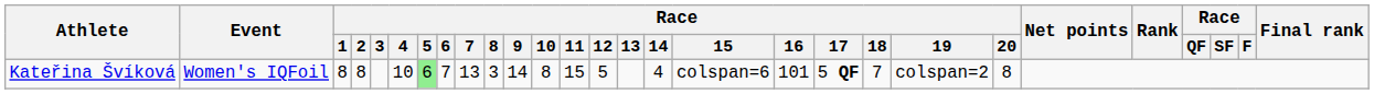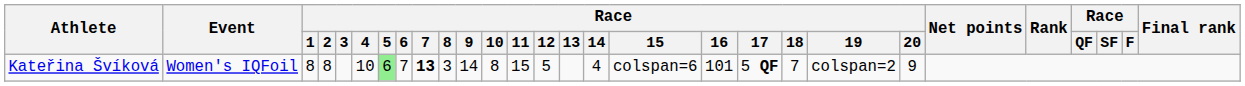 <table class="wikitable" style="font-size:90%">
 <tr>
 <th rowspan="2">Athlete</th>
 <th rowspan="2">Event</th>
 <th colspan=20>Race</th>
 <th rowspan=2>Net points</th>
 <th rowspan=2>Rank</th>
 <th colspan=3>Race</th>
 <th rowspan=2>Final rank</th>
 </tr>
 <tr style="font-size:95%">
 <th>1</th>
 <th>2</th>
 <th>3</th>
 <th>4</th>
 <th>5</th>
 <th>6</th>
 <th>7</th>
 <th>8</th>
 <th>9</th>
 <th>10</th>
 <th>11</th>
 <th>12</th>
 <th>13</th>
 <th>14</th>
 <th>15</th>
 <th>16</th>
 <th>17</th>
 <th>18</th>
 <th>19</th>
 <th>20</th>
 <th>QF</th>
 <th>SF</th>
 <th>F</th>
 </tr>
 <tr align=center>
 <td align=left><a href='#'>Kateřina Švíková</a></td>
 <td align=left><a href='#'>Women's IQFoil</a></td>
 <td>8</td>
 <td>8</td>
 <td></td>
 <td>10</td>
 <td style="background: lightgreen;">6</td>
 <td>7</td>
-<td>13</td>
+<td><strong>13</strong></td>
 <td>3</td>
 <td>14</td>
 <td>8</td>
 <td>15</td>
 <td>5</td>
 <td></td>
 <td>4</td>
 <td>colspan=6 </td>
 <td>101</td>
 <td>5 <strong>QF</strong></td>
 <td>7</td>
 <td>colspan=2 </td>
-<td>8</td>
+<td>9</td>
 </tr>
 </table>
